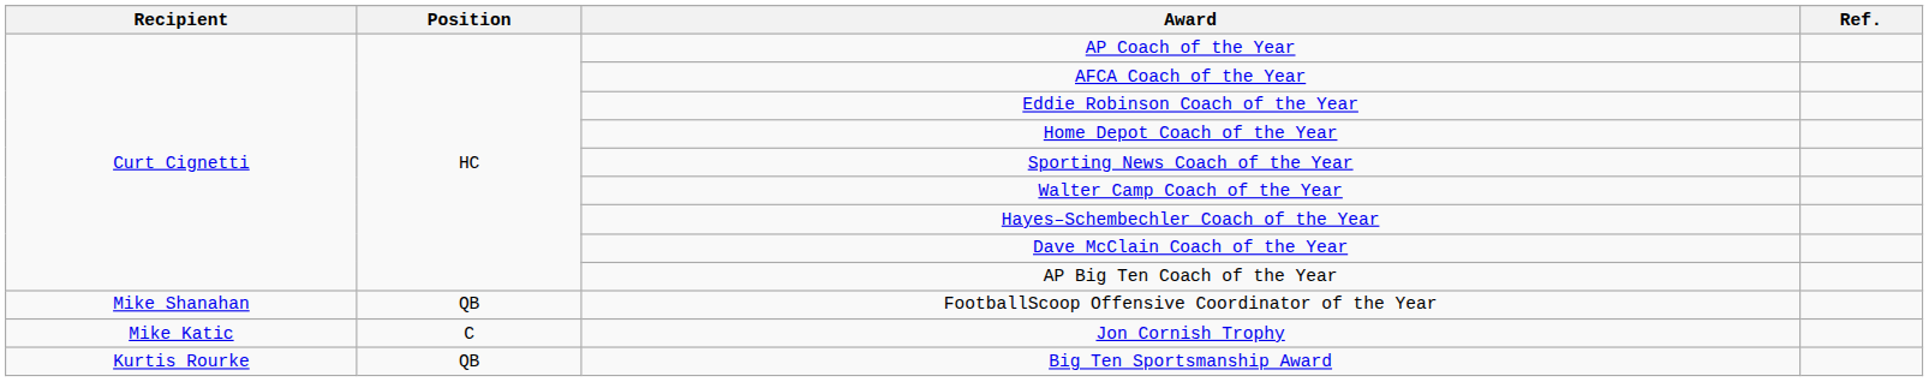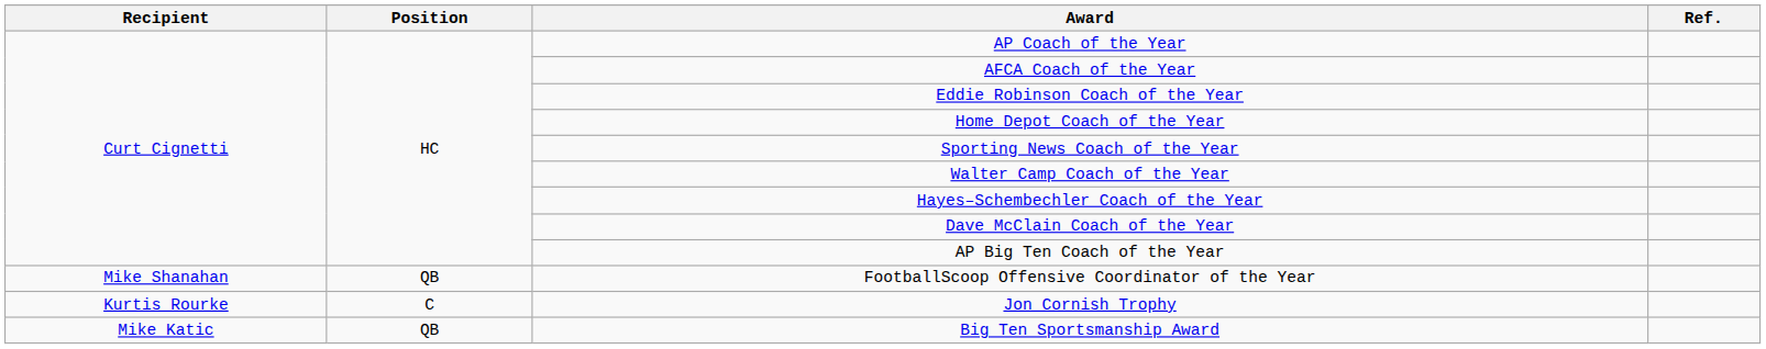 <table class="wikitable" style="width: 90%;text-align: center;">
 <tr>
 </tr>
 <tr>
 <th>Recipient</th>
 <th>Position</th>
 <th>Award</th>
 <th>Ref.</th>
 </tr>
 <tr>
 <td rowspan="9"><a href='#'>Curt Cignetti</a></td>
 <td rowspan="9">HC</td>
 <td><a href='#'>AP Coach of the Year</a></td>
 <td></td>
 </tr>
 <tr>
 <td><a href='#'>AFCA Coach of the Year</a></td>
 <td></td>
 </tr>
 <tr>
 <td><a href='#'>Eddie Robinson Coach of the Year</a></td>
 <td></td>
 </tr>
 <tr>
 <td><a href='#'>Home Depot Coach of the Year</a></td>
 <td></td>
 </tr>
 <tr>
 <td><a href='#'>Sporting News Coach of the Year</a></td>
 <td></td>
 </tr>
 <tr>
 <td><a href='#'>Walter Camp Coach of the Year</a></td>
 <td></td>
 </tr>
 <tr>
 <td><a href='#'>Hayes–Schembechler Coach of the Year</a></td>
 <td></td>
 </tr>
 <tr>
 <td><a href='#'>Dave McClain Coach of the Year</a></td>
 <td></td>
 </tr>
 <tr>
 <td>AP Big Ten Coach of the Year</td>
 <td></td>
 </tr>
 <tr>
 <td><a href='#'>Mike Shanahan</a></td>
 <td>QB</td>
 <td>FootballScoop Offensive Coordinator of the Year</td>
 <td></td>
 </tr>
 <tr>
-<td><a href='#'>Mike Katic</a></td>
+<td><a href='#'>Kurtis Rourke</a></td>
 <td>C</td>
 <td><a href='#'>Jon Cornish Trophy</a></td>
 <td></td>
 </tr>
 <tr>
-<td><a href='#'>Kurtis Rourke</a></td>
+<td><a href='#'>Mike Katic</a></td>
 <td>QB</td>
 <td><a href='#'>Big Ten Sportsmanship Award</a></td>
 <td></td>
 </tr>
 </table>
